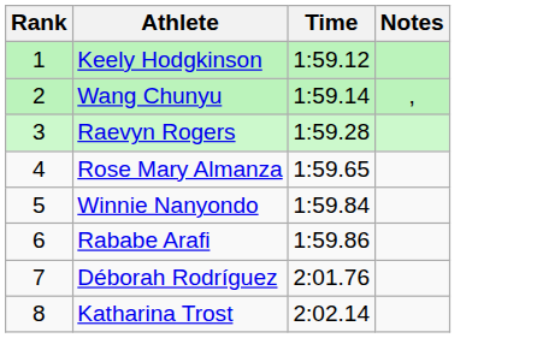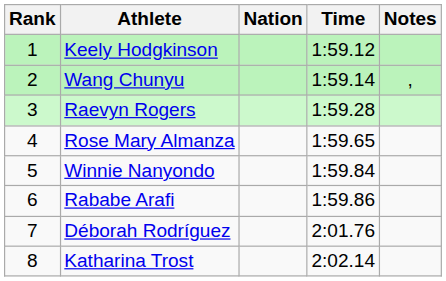 <table class="wikitable sortable" style="text-align:center;">
 <tr>
 <th>Rank</th>
 <th>Athlete</th>
+<th>Nation</th>
 <th>Time</th>
 <th>Notes</th>
 </tr>
 <tr bgcolor=#bbf3bb>
 <td>1</td>
 <td align="left"><a href='#'>Keely Hodgkinson</a></td>
+<td align="left"></td>
 <td>1:59.12</td>
 <td></td>
 </tr>
 <tr bgcolor=#bbf3bb>
 <td>2</td>
 <td align="left"><a href='#'>Wang Chunyu</a></td>
+<td align="left"></td>
 <td>1:59.14</td>
 <td>, </td>
 </tr>
 <tr bgcolor=#ccf9cc>
 <td>3</td>
 <td align="left"><a href='#'>Raevyn Rogers</a></td>
+<td align="left"></td>
 <td>1:59.28</td>
 <td></td>
 </tr>
 <tr>
 <td>4</td>
 <td align="left"><a href='#'>Rose Mary Almanza</a></td>
+<td align="left"></td>
 <td>1:59.65</td>
 <td></td>
 </tr>
 <tr>
 <td>5</td>
 <td align="left"><a href='#'>Winnie Nanyondo</a></td>
+<td align="left"></td>
 <td>1:59.84</td>
 <td></td>
 </tr>
 <tr>
 <td>6</td>
 <td align="left"><a href='#'>Rababe Arafi</a></td>
+<td align="left"></td>
 <td>1:59.86</td>
 <td></td>
 </tr>
 <tr>
 <td>7</td>
 <td align="left"><a href='#'>Déborah Rodríguez</a></td>
+<td align="left"></td>
 <td>2:01.76</td>
 <td></td>
 </tr>
 <tr>
 <td>8</td>
 <td align="left"><a href='#'>Katharina Trost</a></td>
+<td align="left"></td>
 <td>2:02.14</td>
 <td></td>
 </tr>
 </table>
